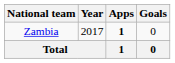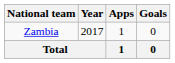 <table class="wikitable" style="text-align:center">
 <tr>
 <th>National team</th>
 <th>Year</th>
 <th>Apps</th>
 <th>Goals</th>
 </tr>
 <tr>
 <td rowspan="1"><a href='#'>Zambia</a></td>
 <td>2017</td>
-<td><strong>1</strong></td>
+<td>1</td>
 <td>0</td>
 </tr>
 <tr>
 <th colspan=2>Total</th>
 <th>1</th>
 <th>0</th>
 </tr>
 </table>
